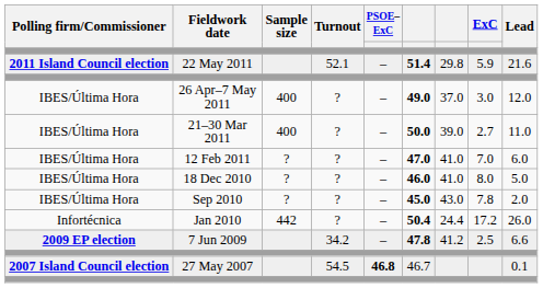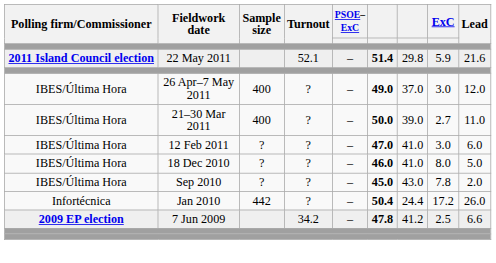 <table class="wikitable collapsible collapsed" style="text-align:center; font-size:95%; line-height:16px;">
 <tr style="height:42px;">
 <th style="width:250px;" rowspan="2">Polling firm/Commissioner</th>
 <th style="width:125px;" rowspan="2">Fieldwork date</th>
 <th style="width:50px;" rowspan="2">Sample size</th>
 <th style="width:45px;" rowspan="2">Turnout</th>
 <th style="width:35px; font-size:80%;"><a href='#'>PSOE</a>–<a href='#'>ExC</a></th>
 <th style="width:35px;"></th>
 <th style="width:35px;"></th>
 <th style="width:35px;"><a href='#'>ExC</a></th>
 <th style="width:30px;" rowspan="2">Lead</th>
 </tr>
 <tr>
 <th style="color:inherit;background:"></th>
 <th style="color:inherit;background:"></th>
 <th style="color:inherit;background:"></th>
 <th style="color:inherit;background:"></th>
 </tr>
 <tr>
 <td colspan="9" style="background:#A0A0A0"></td>
 </tr>
 <tr style="background:#EFEFEF;">
 <td><strong><a href='#'>2011 Island Council election</a></strong></td>
 <td>22 May 2011</td>
 <td></td>
 <td>52.1</td>
 <td>–</td>
 <td><strong>51.4</strong><br></td>
 <td>29.8<br></td>
 <td>5.9<br></td>
 <td style="background:">21.6</td>
 </tr>
 <tr>
 <td colspan="9" style="background:#A0A0A0"></td>
 </tr>
 <tr>
 <td>IBES/Última Hora</td>
 <td>26 Apr–7 May 2011</td>
 <td>400</td>
 <td>?</td>
 <td>–</td>
 <td><strong>49.0</strong><br></td>
 <td>37.0<br></td>
 <td>3.0<br></td>
 <td style="background:">12.0</td>
 </tr>
 <tr>
 <td>IBES/Última Hora</td>
 <td>21–30 Mar 2011</td>
 <td>400</td>
 <td>?</td>
 <td>–</td>
 <td><strong>50.0</strong><br></td>
 <td>39.0<br></td>
 <td>2.7<br></td>
 <td style="background:">11.0</td>
 </tr>
 <tr>
 <td>IBES/Última Hora</td>
 <td>12 Feb 2011</td>
 <td>?</td>
 <td>?</td>
 <td>–</td>
 <td><strong>47.0</strong><br></td>
 <td>41.0<br></td>
-<td>7.0<br></td>
+<td>3.0<br></td>
 <td style="background:">6.0</td>
 </tr>
 <tr>
 <td>IBES/Última Hora</td>
 <td>18 Dec 2010</td>
 <td>?</td>
 <td>?</td>
 <td>–</td>
 <td><strong>46.0</strong><br></td>
 <td>41.0<br></td>
 <td>8.0<br></td>
 <td style="background:">5.0</td>
 </tr>
 <tr>
 <td>IBES/Última Hora</td>
 <td>Sep 2010</td>
 <td>?</td>
 <td>?</td>
 <td>–</td>
 <td><strong>45.0</strong><br></td>
 <td>43.0<br></td>
 <td>7.8<br></td>
 <td style="background:">2.0</td>
 </tr>
 <tr>
 <td>Infortécnica</td>
 <td>Jan 2010</td>
 <td>442</td>
 <td>?</td>
 <td>–</td>
 <td><strong>50.4</strong></td>
 <td>24.4</td>
 <td>17.2</td>
 <td style="background:">26.0</td>
 </tr>
 <tr style="background:#EFEFEF;">
 <td><strong><a href='#'>2009 EP election</a></strong></td>
 <td>7 Jun 2009</td>
 <td></td>
 <td>34.2</td>
 <td>–</td>
 <td><strong>47.8</strong><br></td>
 <td>41.2<br></td>
 <td>2.5<br></td>
 <td style="background:">6.6</td>
 </tr>
 <tr>
 <td colspan="9" style="background:#A0A0A0"></td>
 </tr>
-<tr style="background:#EFEFEF;">
-<td><strong><a href='#'>2007 Island Council election</a></strong></td>
-<td>27 May 2007</td>
-<td></td>
-<td>54.5</td>
-<td><strong>46.8</strong><br></td>
-<td>46.7<br></td>
-<td></td>
-<td></td>
-<td style="background:">0.1</td>
-</tr>
 <tr>
 <td colspan="9" style="background:#A0A0A0"></td>
 </tr>
 </table>
